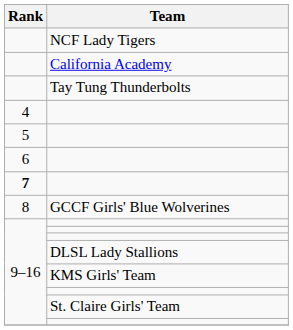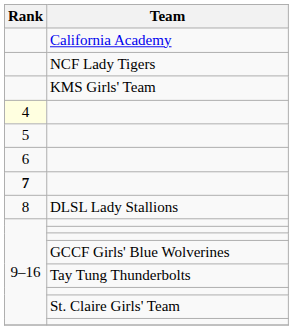 <table class="wikitable" style="text-align: center;">
 <tr>
 <th width=>Rank</th>
 <th width=250>Team</th>
 </tr>
 <tr>
 <td></td>
+<td align="left"> <a href='#'>California Academy</a></td>
+</tr>
+<tr>
+<td></td>
 <td align="left"> NCF Lady Tigers</td>
 </tr>
 <tr>
 <td></td>
-<td align="left"> <a href='#'>California Academy</a></td>
+<td align="left"> KMS Girls' Team</td>
 </tr>
 <tr>
-<td></td>
-<td align="left"> Tay Tung Thunderbolts</td>
-</tr>
-<tr>
-<td>4</td>
+<td style="background: lightyellow;">4</td>
 <td align="left"></td>
 </tr>
 <tr>
 <td>5</td>
 <td align="left"></td>
 </tr>
 <tr>
 <td>6</td>
 <td align="left"></td>
 </tr>
 <tr>
 <td><strong>7</strong></td>
 <td align="left"></td>
 </tr>
 <tr>
 <td>8</td>
-<td align="left"> GCCF Girls' Blue Wolverines</td>
+<td align="left"> DLSL Lady Stallions</td>
 </tr>
 <tr>
 <td rowspan=8>9–16</td>
 <td align="left"></td>
 </tr>
 <tr>
 <td align="left"></td>
 </tr>
 <tr>
 <td align="left"></td>
 </tr>
 <tr>
-<td align="left"> DLSL Lady Stallions</td>
+<td align="left"> GCCF Girls' Blue Wolverines</td>
 </tr>
 <tr>
-<td align="left"> KMS Girls' Team</td>
+<td align="left"> Tay Tung Thunderbolts</td>
 </tr>
 <tr>
 <td align="left"></td>
 </tr>
 <tr>
 <td align="left"> St. Claire Girls' Team</td>
 </tr>
 <tr>
 <td align="left"></td>
 </tr>
 <tr>
 </tr>
 </table>
